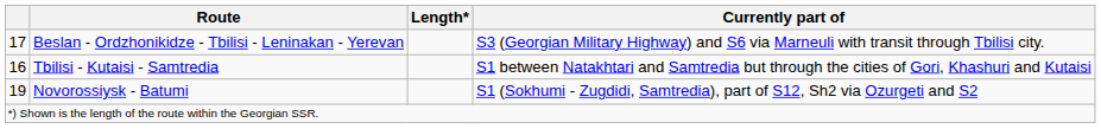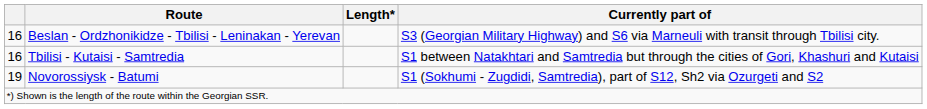 <table class="wikitable">
 <tr>
 <th></th>
 <th>Route</th>
 <th>Length*</th>
 <th>Currently part of</th>
 </tr>
 <tr>
-<td>17</td>
+<td>16</td>
 <td><a href='#'>Beslan</a> - <a href='#'>Ordzhonikidze</a> - <a href='#'>Tbilisi</a> - <a href='#'>Leninakan</a> - <a href='#'>Yerevan</a></td>
 <td></td>
 <td><a href='#'>S3</a> (<a href='#'>Georgian Military Highway</a>) and <a href='#'>S6</a> via <a href='#'>Marneuli</a> with transit through <a href='#'>Tbilisi</a> city.</td>
 </tr>
 <tr>
 <td>16</td>
 <td><a href='#'>Tbilisi</a> - <a href='#'>Kutaisi</a> - <a href='#'>Samtredia</a></td>
 <td></td>
 <td><a href='#'>S1</a> between <a href='#'>Natakhtari</a> and <a href='#'>Samtredia</a> but through the cities of <a href='#'>Gori</a>, <a href='#'>Khashuri</a> and <a href='#'>Kutaisi</a></td>
 </tr>
 <tr>
 <td>19</td>
 <td><a href='#'>Novorossiysk</a> - <a href='#'>Batumi</a></td>
 <td></td>
 <td><a href='#'>S1</a> (<a href='#'>Sokhumi</a> - <a href='#'>Zugdidi</a>, <a href='#'>Samtredia</a>), part of <a href='#'>S12</a>, Sh2 via <a href='#'>Ozurgeti</a> and <a href='#'>S2</a></td>
 </tr>
 <tr>
 <td colspan="4" style="font-size: 9pt;text-aling:left;">*) Shown is the length of the route within the Georgian SSR.</td>
 </tr>
 </table>
